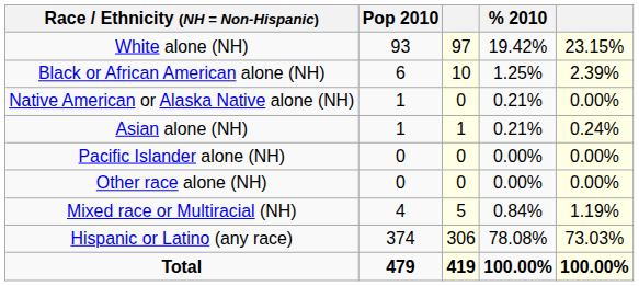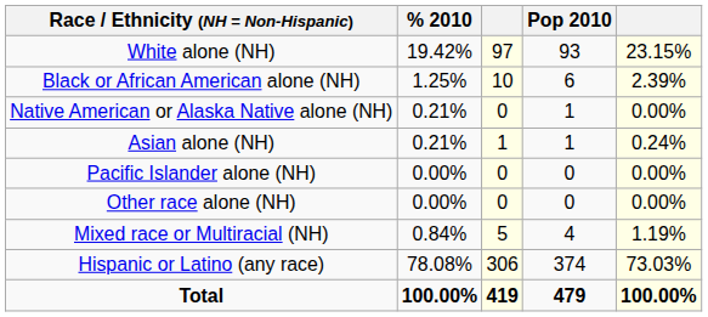 <table class="wikitable" style="text-align:center;">
 <tr>
 <th>Race / Ethnicity <small>(<em>NH = Non-Hispanic</em>)</small></th>
+<th>% 2010</th>
+<th></th>
 <th>Pop 2010</th>
-<th></th>
-<th>% 2010</th>
 <th></th>
 </tr>
 <tr>
 <td><a href='#'>White</a> alone (NH)</td>
+<td>19.42%</td>
+<td style='background: #ffffe6;'>97</td>
 <td>93</td>
-<td style='background: #ffffe6;'>97</td>
-<td>19.42%</td>
 <td style='background: #ffffe6;'>23.15%</td>
 </tr>
 <tr>
 <td><a href='#'>Black or African American</a> alone (NH)</td>
+<td>1.25%</td>
+<td style='background: #ffffe6;'>10</td>
 <td>6</td>
-<td style='background: #ffffe6;'>10</td>
-<td>1.25%</td>
 <td style='background: #ffffe6;'>2.39%</td>
 </tr>
 <tr>
 <td><a href='#'>Native American</a> or <a href='#'>Alaska Native</a> alone (NH)</td>
+<td>0.21%</td>
+<td style='background: #ffffe6;'>0</td>
 <td>1</td>
-<td style='background: #ffffe6;'>0</td>
-<td>0.21%</td>
 <td style='background: #ffffe6;'>0.00%</td>
 </tr>
 <tr>
 <td><a href='#'>Asian</a> alone (NH)</td>
+<td>0.21%</td>
+<td style='background: #ffffe6;'>1</td>
 <td>1</td>
-<td style='background: #ffffe6;'>1</td>
-<td>0.21%</td>
 <td style='background: #ffffe6;'>0.24%</td>
 </tr>
 <tr>
 <td><a href='#'>Pacific Islander</a> alone (NH)</td>
+<td>0.00%</td>
+<td style='background: #ffffe6;'>0</td>
 <td>0</td>
-<td style='background: #ffffe6;'>0</td>
-<td>0.00%</td>
 <td style='background: #ffffe6;'>0.00%</td>
 </tr>
 <tr>
 <td><a href='#'>Other race</a> alone (NH)</td>
+<td>0.00%</td>
+<td style='background: #ffffe6;'>0</td>
 <td>0</td>
-<td style='background: #ffffe6;'>0</td>
-<td>0.00%</td>
 <td style='background: #ffffe6;'>0.00%</td>
 </tr>
 <tr>
 <td><a href='#'>Mixed race or Multiracial</a> (NH)</td>
+<td>0.84%</td>
+<td style='background: #ffffe6;'>5</td>
 <td>4</td>
-<td style='background: #ffffe6;'>5</td>
-<td>0.84%</td>
 <td style='background: #ffffe6;'>1.19%</td>
 </tr>
 <tr>
 <td><a href='#'>Hispanic or Latino</a> (any race)</td>
+<td>78.08%</td>
+<td style='background: #ffffe6;'>306</td>
 <td>374</td>
-<td style='background: #ffffe6;'>306</td>
-<td>78.08%</td>
 <td style='background: #ffffe6;'>73.03%</td>
 </tr>
 <tr>
 <td><strong>Total</strong></td>
+<td><strong>100.00%</strong></td>
+<td style='background: #ffffe6;'><strong>419</strong></td>
 <td><strong>479</strong></td>
-<td style='background: #ffffe6;'><strong>419</strong></td>
-<td><strong>100.00%</strong></td>
 <td style='background: #ffffe6;'><strong>100.00%</strong></td>
 </tr>
 </table>
